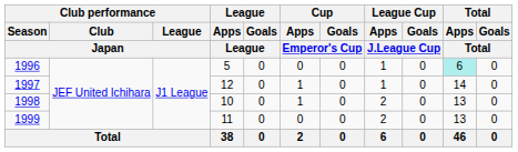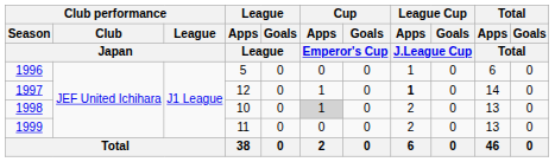 <table class="wikitable" style="text-align:center;">
 <tr>
 <th colspan=3>Club performance</th>
 <th colspan=2>League</th>
 <th colspan=2>Cup</th>
 <th colspan=2>League Cup</th>
 <th colspan=2>Total</th>
 </tr>
 <tr>
 <th>Season</th>
 <th>Club</th>
 <th>League</th>
 <th>Apps</th>
 <th>Goals</th>
 <th>Apps</th>
 <th>Goals</th>
 <th>Apps</th>
 <th>Goals</th>
 <th>Apps</th>
 <th>Goals</th>
 </tr>
 <tr>
 <th colspan=3>Japan</th>
 <th colspan=2>League</th>
 <th colspan=2><a href='#'>Emperor's Cup</a></th>
 <th colspan=2><a href='#'>J.League Cup</a></th>
 <th colspan=2>Total</th>
 </tr>
 <tr>
 <td><a href='#'>1996</a></td>
 <td rowspan="4"><a href='#'>JEF United Ichihara</a></td>
 <td rowspan="4"><a href='#'>J1 League</a></td>
 <td>5</td>
 <td>0</td>
 <td>0</td>
 <td>0</td>
 <td>1</td>
 <td>0</td>
-<td style="background: paleturquoise;">6</td>
+<td>6</td>
 <td>0</td>
 </tr>
 <tr>
 <td><a href='#'>1997</a></td>
 <td>12</td>
 <td>0</td>
 <td>1</td>
 <td>0</td>
-<td>1</td>
+<td><strong>1</strong></td>
 <td>0</td>
 <td>14</td>
 <td>0</td>
 </tr>
 <tr>
 <td><a href='#'>1998</a></td>
 <td>10</td>
 <td>0</td>
-<td>1</td>
+<td style="background: lightgrey;">1</td>
 <td>0</td>
 <td>2</td>
 <td>0</td>
 <td>13</td>
 <td>0</td>
 </tr>
 <tr>
 <td><a href='#'>1999</a></td>
 <td>11</td>
 <td>0</td>
 <td>0</td>
 <td>0</td>
 <td>2</td>
 <td>0</td>
 <td>13</td>
 <td>0</td>
 </tr>
 <tr>
 <th colspan=3>Total</th>
 <th>38</th>
 <th>0</th>
 <th>2</th>
 <th>0</th>
 <th>6</th>
 <th>0</th>
 <th>46</th>
 <th>0</th>
 </tr>
 </table>
